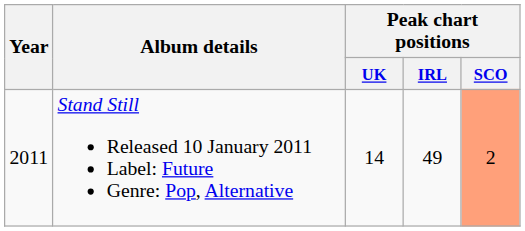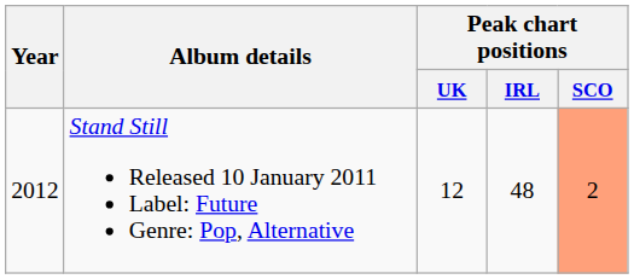 <table class="wikitable" style="text-align:center;">
 <tr>
 <th rowspan="2">Year</th>
 <th rowspan="2" style="width:230px;">Album details</th>
 <th colspan="10">Peak chart positions</th>
 </tr>
 <tr>
 <th width=40><small><a href='#'>UK</a></small></th>
 <th width=40><small><a href='#'>IRL</a></small></th>
 <th width=40><small><a href='#'>SCO</a></small></th>
 </tr>
 <tr>
-<td>2011</td>
+<td>2012</td>
 <td align=left><em><a href='#'>Stand Still</a></em><br><ul><li>Released 10 January 2011</li><li>Label: <a href='#'>Future</a></li><li>Genre: <a href='#'>Pop</a>, <a href='#'>Alternative</a></li></ul></td>
-<td style="text-align:center;">14</td>
-<td style="text-align:center;">49</td>
+<td style="text-align:center;">12</td>
+<td style="text-align:center;">48</td>
 <td style="background: lightsalmon; text-align:center;">2</td>
 </tr>
 </table>
